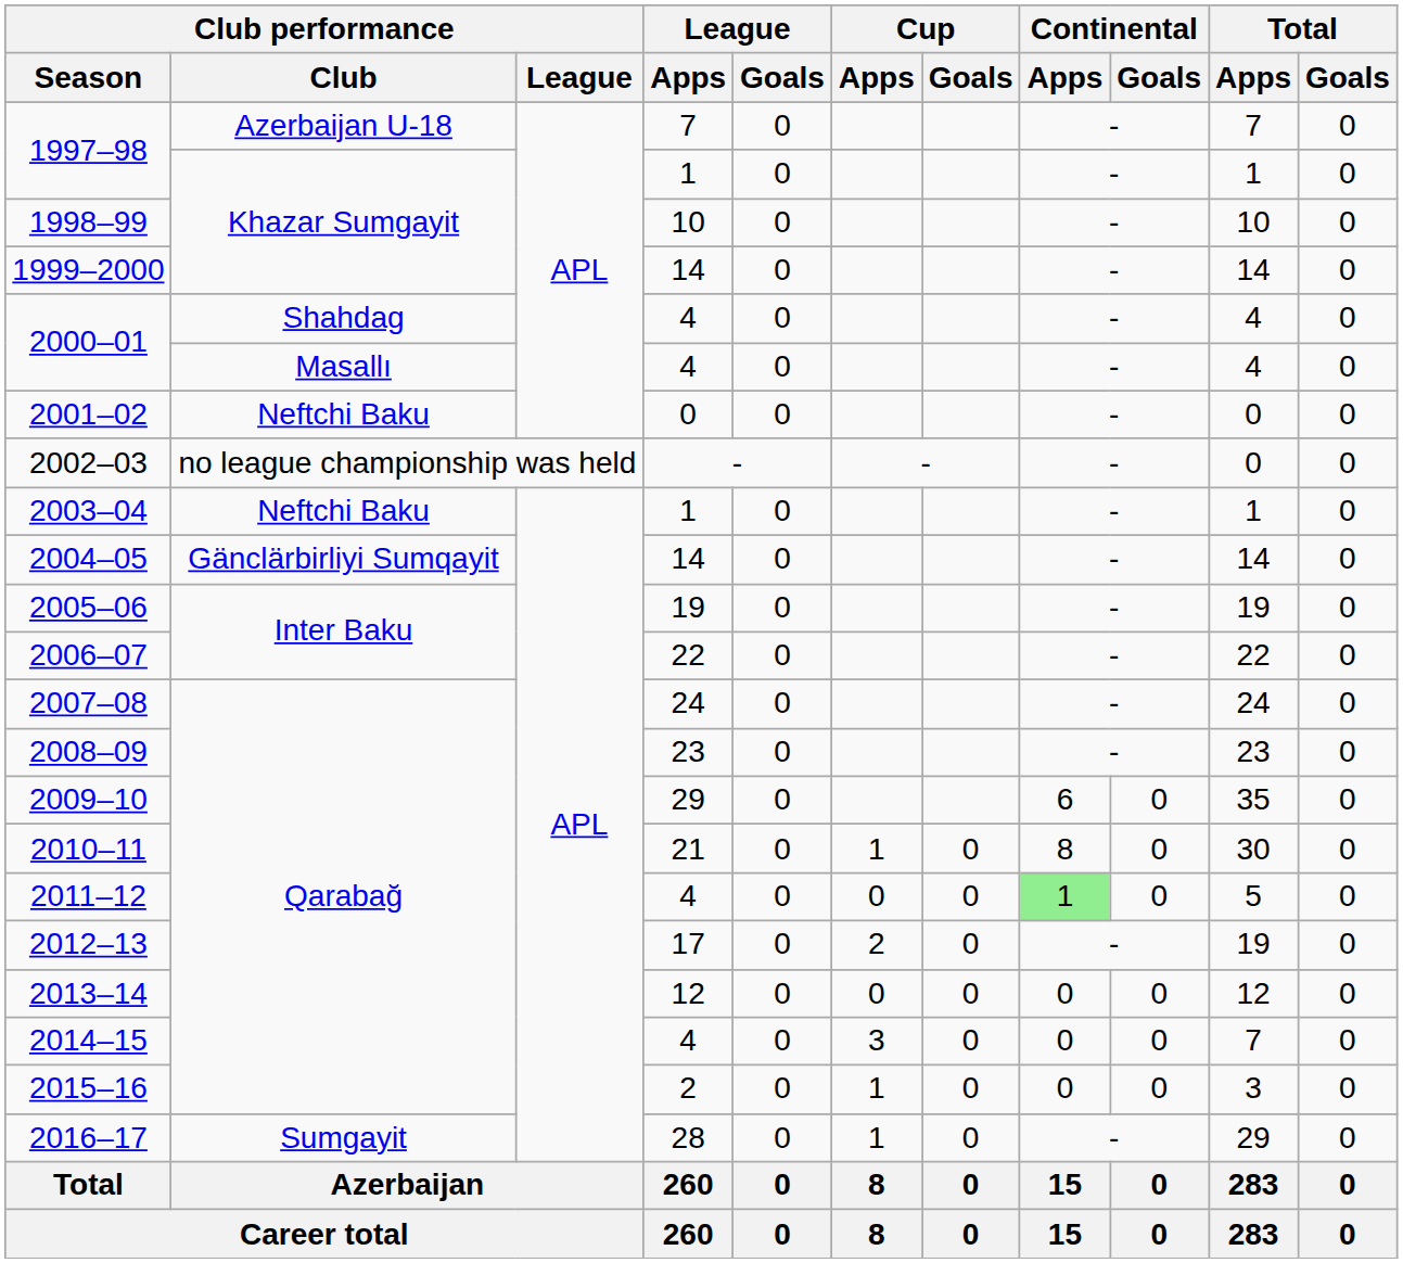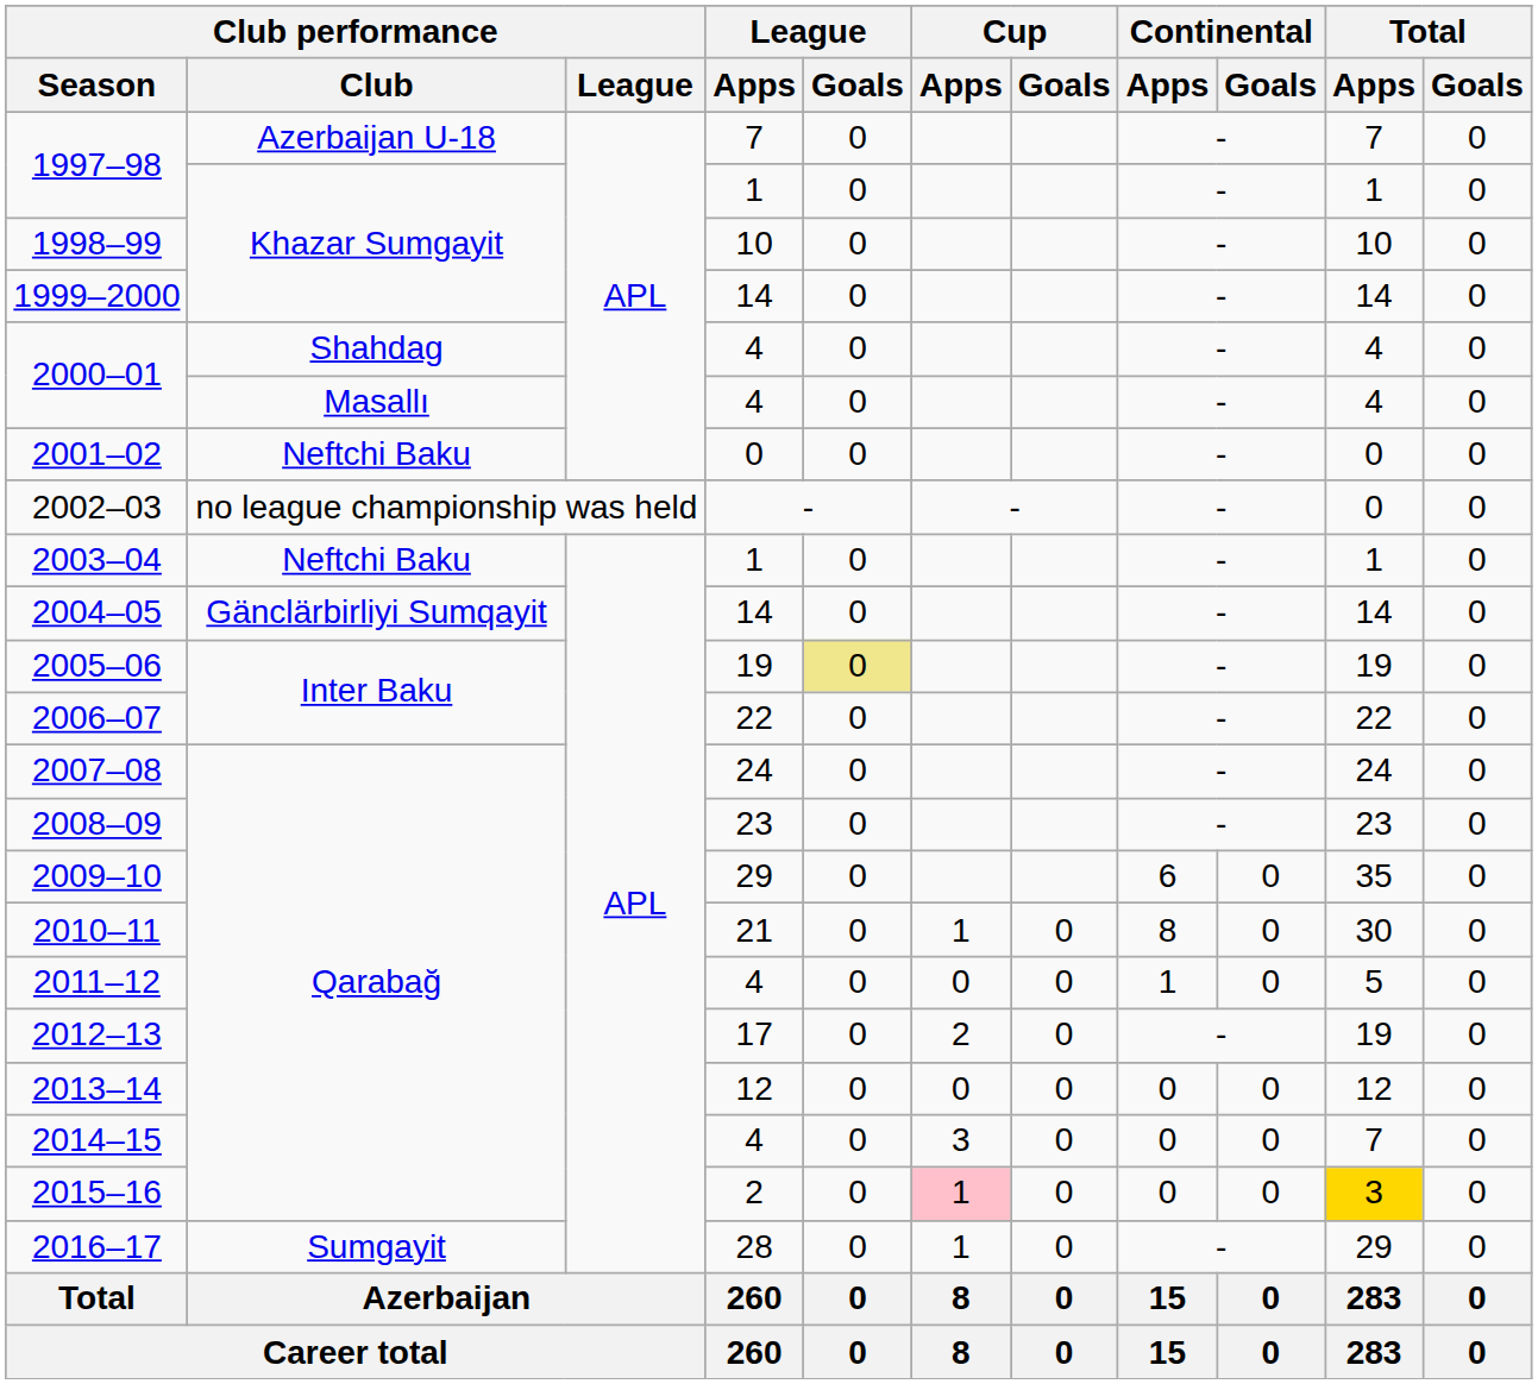 <table class="wikitable" style="text-align:center">
 <tr>
 <th colspan=3>Club performance</th>
 <th colspan=2>League</th>
 <th colspan=2>Cup</th>
 <th colspan=2>Continental</th>
 <th colspan=2>Total</th>
 </tr>
 <tr>
 <th>Season</th>
 <th>Club</th>
 <th>League</th>
 <th>Apps</th>
 <th>Goals</th>
 <th>Apps</th>
 <th>Goals</th>
 <th>Apps</th>
 <th>Goals</th>
 <th>Apps</th>
 <th>Goals</th>
 </tr>
 <tr>
 <td rowspan="2"><a href='#'>1997–98</a></td>
 <td><a href='#'>Azerbaijan U-18</a></td>
 <td rowspan="7"><a href='#'>APL</a></td>
 <td>7</td>
 <td>0</td>
 <td></td>
 <td></td>
 <td colspan="2">-</td>
 <td>7</td>
 <td>0</td>
 </tr>
 <tr>
 <td rowspan="3"><a href='#'>Khazar Sumgayit</a></td>
 <td>1</td>
 <td>0</td>
 <td></td>
 <td></td>
 <td colspan="2">-</td>
 <td>1</td>
 <td>0</td>
 </tr>
 <tr>
 <td><a href='#'>1998–99</a></td>
 <td>10</td>
 <td>0</td>
 <td></td>
 <td></td>
 <td colspan="2">-</td>
 <td>10</td>
 <td>0</td>
 </tr>
 <tr>
 <td><a href='#'>1999–2000</a></td>
 <td>14</td>
 <td>0</td>
 <td></td>
 <td></td>
 <td colspan="2">-</td>
 <td>14</td>
 <td>0</td>
 </tr>
 <tr>
 <td rowspan="2"><a href='#'>2000–01</a></td>
 <td><a href='#'>Shahdag</a></td>
 <td>4</td>
 <td>0</td>
 <td></td>
 <td></td>
 <td colspan="2">-</td>
 <td>4</td>
 <td>0</td>
 </tr>
 <tr>
 <td><a href='#'>Masallı</a></td>
 <td>4</td>
 <td>0</td>
 <td></td>
 <td></td>
 <td colspan="2">-</td>
 <td>4</td>
 <td>0</td>
 </tr>
 <tr>
 <td><a href='#'>2001–02</a></td>
 <td><a href='#'>Neftchi Baku</a></td>
 <td>0</td>
 <td>0</td>
 <td></td>
 <td></td>
 <td colspan="2">-</td>
 <td>0</td>
 <td>0</td>
 </tr>
 <tr align=center>
 <td>2002–03</td>
 <td colspan=2>no league championship was held</td>
 <td colspan="2">-</td>
 <td colspan="2">-</td>
 <td colspan="2">-</td>
 <td>0</td>
 <td>0</td>
 </tr>
 <tr>
 <td><a href='#'>2003–04</a></td>
 <td><a href='#'>Neftchi Baku</a></td>
 <td rowspan="14"><a href='#'>APL</a></td>
 <td>1</td>
 <td>0</td>
 <td></td>
 <td></td>
 <td colspan="2">-</td>
 <td>1</td>
 <td>0</td>
 </tr>
 <tr>
 <td><a href='#'>2004–05</a></td>
 <td><a href='#'>Gänclärbirliyi Sumqayit</a></td>
 <td>14</td>
 <td>0</td>
 <td></td>
 <td></td>
 <td colspan="2">-</td>
 <td>14</td>
 <td>0</td>
 </tr>
 <tr>
 <td><a href='#'>2005–06</a></td>
 <td rowspan="2"><a href='#'>Inter Baku</a></td>
 <td>19</td>
-<td>0</td>
+<td style="background: khaki;">0</td>
 <td></td>
 <td></td>
 <td colspan="2">-</td>
 <td>19</td>
 <td>0</td>
 </tr>
 <tr>
 <td><a href='#'>2006–07</a></td>
 <td>22</td>
 <td>0</td>
 <td></td>
 <td></td>
 <td colspan="2">-</td>
 <td>22</td>
 <td>0</td>
 </tr>
 <tr>
 <td><a href='#'>2007–08</a></td>
 <td rowspan="9"><a href='#'>Qarabağ</a></td>
 <td>24</td>
 <td>0</td>
 <td></td>
 <td></td>
 <td colspan="2">-</td>
 <td>24</td>
 <td>0</td>
 </tr>
 <tr>
 <td><a href='#'>2008–09</a></td>
 <td>23</td>
 <td>0</td>
 <td></td>
 <td></td>
 <td colspan="2">-</td>
 <td>23</td>
 <td>0</td>
 </tr>
 <tr>
 <td><a href='#'>2009–10</a></td>
 <td>29</td>
 <td>0</td>
 <td></td>
 <td></td>
 <td>6</td>
 <td>0</td>
 <td>35</td>
 <td>0</td>
 </tr>
 <tr>
 <td><a href='#'>2010–11</a></td>
 <td>21</td>
 <td>0</td>
 <td>1</td>
 <td>0</td>
 <td>8</td>
 <td>0</td>
 <td>30</td>
 <td>0</td>
 </tr>
 <tr>
 <td><a href='#'>2011–12</a></td>
 <td>4</td>
 <td>0</td>
 <td>0</td>
 <td>0</td>
-<td style="background: lightgreen;">1</td>
+<td>1</td>
 <td>0</td>
 <td>5</td>
 <td>0</td>
 </tr>
 <tr>
 <td><a href='#'>2012–13</a></td>
 <td>17</td>
 <td>0</td>
 <td>2</td>
 <td>0</td>
 <td colspan="2">-</td>
 <td>19</td>
 <td>0</td>
 </tr>
 <tr>
 <td><a href='#'>2013–14</a></td>
 <td>12</td>
 <td>0</td>
 <td>0</td>
 <td>0</td>
 <td>0</td>
 <td>0</td>
 <td>12</td>
 <td>0</td>
 </tr>
 <tr>
 <td><a href='#'>2014–15</a></td>
 <td>4</td>
 <td>0</td>
 <td>3</td>
 <td>0</td>
 <td>0</td>
 <td>0</td>
 <td>7</td>
 <td>0</td>
 </tr>
 <tr>
 <td><a href='#'>2015–16</a></td>
 <td>2</td>
 <td>0</td>
-<td>1</td>
+<td style="background: pink;">1</td>
 <td>0</td>
 <td>0</td>
 <td>0</td>
-<td>3</td>
+<td style="background: gold;">3</td>
 <td>0</td>
 </tr>
 <tr>
 <td><a href='#'>2016–17</a></td>
 <td><a href='#'>Sumgayit</a></td>
 <td>28</td>
 <td>0</td>
 <td>1</td>
 <td>0</td>
 <td colspan="2">-</td>
 <td>29</td>
 <td>0</td>
 </tr>
 <tr>
 <th rowspan=1>Total</th>
 <th colspan=2>Azerbaijan</th>
 <th>260</th>
 <th>0</th>
 <th>8</th>
 <th>0</th>
 <th>15</th>
 <th>0</th>
 <th>283</th>
 <th>0</th>
 </tr>
 <tr>
 <th colspan=3>Career total</th>
 <th>260</th>
 <th>0</th>
 <th>8</th>
 <th>0</th>
 <th>15</th>
 <th>0</th>
 <th>283</th>
 <th>0</th>
 </tr>
 </table>
